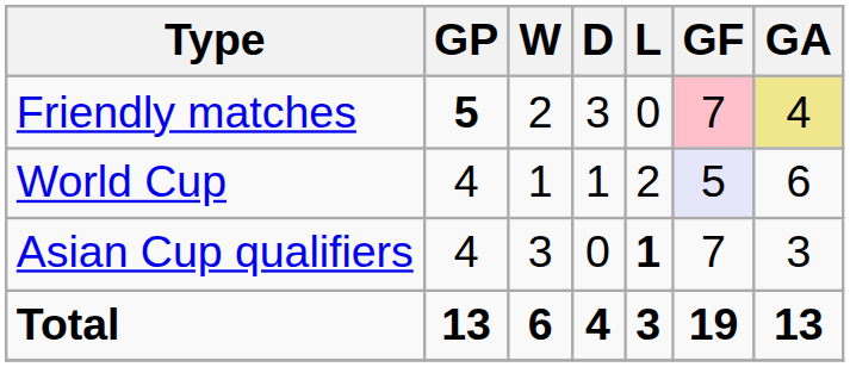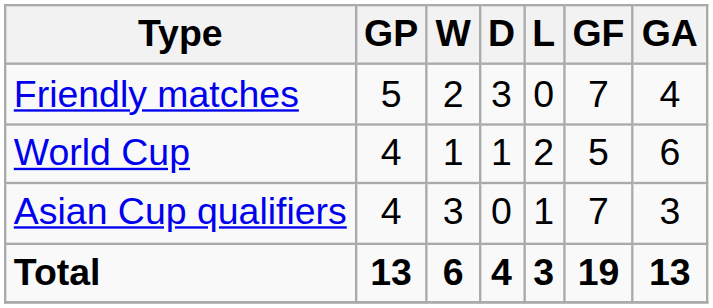 <table class="wikitable">
 <tr>
 <th>Type</th>
 <th>GP</th>
 <th>W</th>
 <th>D</th>
 <th>L</th>
 <th>GF</th>
 <th>GA</th>
 </tr>
 <tr>
 <td align=left><a href='#'>Friendly matches</a></td>
-<td align=center><strong>5</strong></td>
+<td align=center>5</td>
 <td align=center>2</td>
 <td align=center>3</td>
 <td align=center>0</td>
-<td align=center style="background: pink;">7</td>
-<td align=center style="background: khaki;">4</td>
+<td align=center>7</td>
+<td align=center>4</td>
 </tr>
 <tr>
 <td><a href='#'>World Cup</a></td>
 <td align=center>4</td>
 <td align=center>1</td>
 <td align=center>1</td>
 <td align=center>2</td>
-<td align=center style="background: lavender;">5</td>
+<td align=center>5</td>
 <td align=center>6</td>
 </tr>
 <tr>
 <td><a href='#'>Asian Cup qualifiers</a></td>
 <td align=center>4</td>
 <td align=center>3</td>
 <td align=center>0</td>
-<td align=center><strong>1</strong></td>
+<td align=center>1</td>
 <td align=center>7</td>
 <td align=center>3</td>
 </tr>
 <tr>
 <td><strong>Total</strong></td>
 <td align=center><strong>13</strong></td>
 <td align=center><strong>6</strong></td>
 <td align=center><strong>4</strong></td>
 <td align=center><strong>3</strong></td>
 <td align=center><strong>19</strong></td>
 <td align=center><strong>13</strong></td>
 </tr>
 <tr>
 </tr>
 </table>
